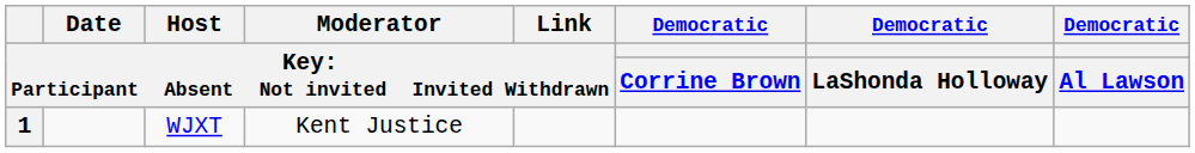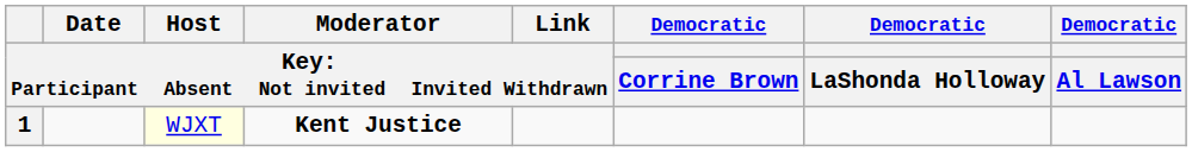 <table class="wikitable" style="text-align:center;">
 <tr>
 <th scope="col"></th>
 <th scope="col">Date</th>
 <th scope="col">Host</th>
 <th scope="col">Moderator</th>
 <th scope="col">Link</th>
 <th scope="col"><small><a href='#'>Democratic</a></small></th>
 <th scope="col"><small><a href='#'>Democratic</a></small></th>
 <th scope="col"><small><a href='#'>Democratic</a></small></th>
 </tr>
 <tr>
 <th colspan="5" rowspan="2">Key:<br> <small>Participant </small>  <small>Absent </small>  <small>Not invited </small>  <small>Invited  Withdrawn</small></th>
 <th scope="col" style="background:"></th>
 <th scope="col" style="background:"></th>
 <th scope="col" style="background:"></th>
 </tr>
 <tr>
 <th scope="col"><a href='#'>Corrine Brown</a></th>
 <th scope="col">LaShonda Holloway</th>
 <th scope="col"><a href='#'>Al Lawson</a></th>
 </tr>
 <tr>
 <th>1</th>
 <td style="white-space:nowrap;"></td>
-<td style="white-space:nowrap;"><a href='#'>WJXT</a></td>
-<td style="white-space:nowrap;">Kent Justice</td>
+<td style="background: lightyellow; white-space:nowrap;"><a href='#'>WJXT</a></td>
+<td style="white-space:nowrap;"><strong>Kent Justice</strong></td>
 <td style="white-space:nowrap;"></td>
 <td></td>
 <td></td>
 <td></td>
 </tr>
 </table>
